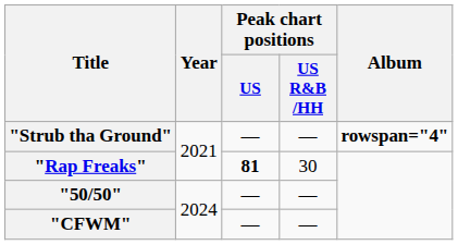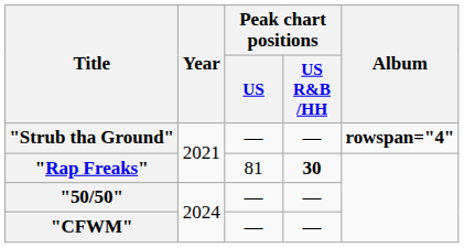 <table class="wikitable plainrowheaders" style="text-align:center;">
 <tr>
 <th scope="col" rowspan="2">Title</th>
 <th scope="col" rowspan="2">Year</th>
 <th colspan="2">Peak chart positions</th>
 <th scope="col" rowspan="2">Album</th>
 </tr>
 <tr>
 <th scope="col" style="width:3em;font-size:90%;"><a href='#'>US</a><br></th>
 <th scope="col" style="width:3em;font-size:90%;"><a href='#'>US<br>R&B<br>/HH</a><br></th>
 </tr>
 <tr>
 <th scope="row">"Strub tha Ground"<br></th>
 <td rowspan="2">2021</td>
 <td>—</td>
 <td>—</td>
 <td><strong>rowspan="4" </strong></td>
 </tr>
 <tr>
 <th scope="row">"<a href='#'>Rap Freaks</a>"</th>
-<td><strong>81</strong></td>
-<td>30</td>
+<td>81</td>
+<td><strong>30</strong></td>
 </tr>
 <tr>
 <th scope="row">"50/50"</th>
 <td rowspan="2">2024</td>
 <td>—</td>
 <td>—</td>
 </tr>
 <tr>
 <th scope="row">"CFWM"<br></th>
 <td>—</td>
 <td>—</td>
 </tr>
 </table>
